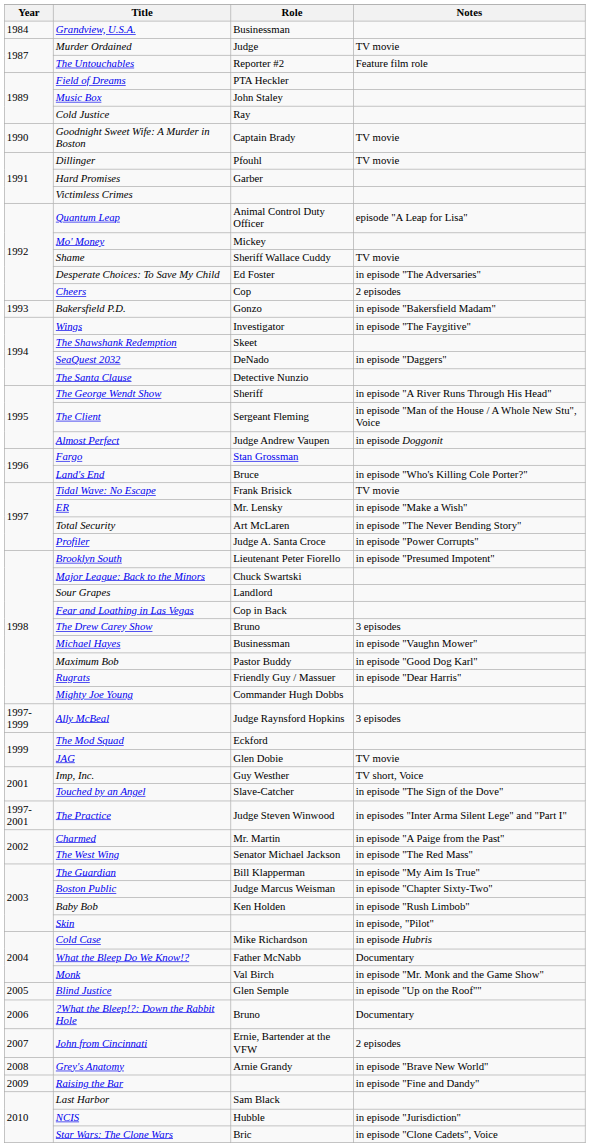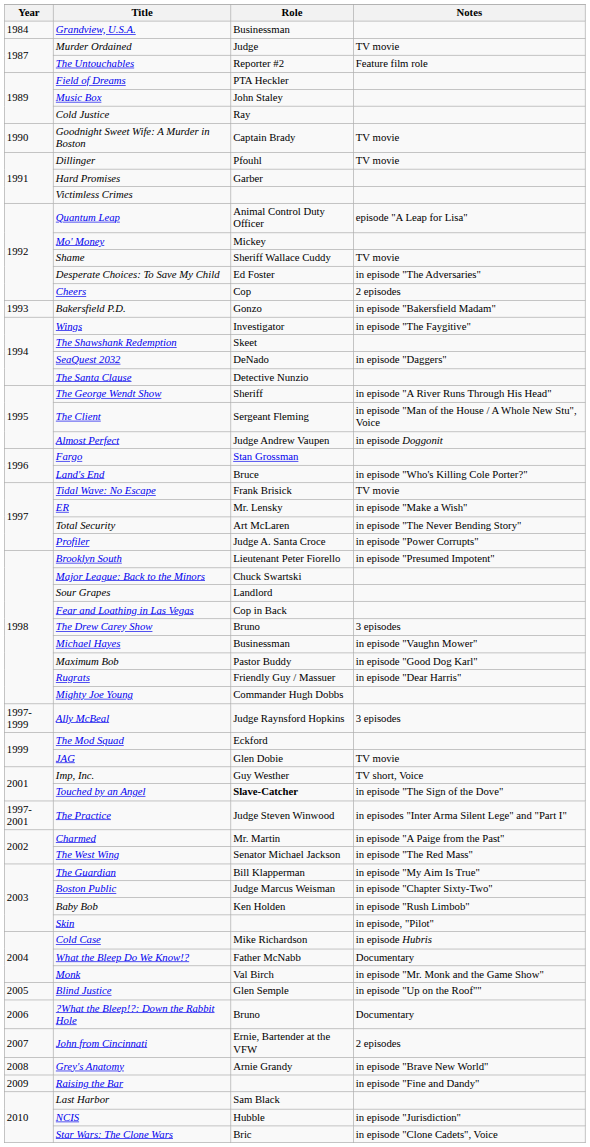 <table class= "wikitable sortable">
 <tr text- style="text-align:center;"|>
 </tr>
 <tr>
 <th>Year</th>
 <th>Title</th>
 <th>Role</th>
 <th>Notes</th>
 </tr>
 <tr>
 <td>1984</td>
 <td><em><a href='#'>Grandview, U.S.A.</a></em></td>
 <td>Businessman</td>
 <td></td>
 </tr>
 <tr>
 <td rowspan=2>1987</td>
 <td><em>Murder Ordained</em></td>
 <td>Judge</td>
 <td>TV movie</td>
 </tr>
 <tr>
 <td><em><a href='#'>The Untouchables</a></em></td>
 <td>Reporter #2</td>
 <td>Feature film role</td>
 </tr>
 <tr>
 <td rowspan=3>1989</td>
 <td><em><a href='#'>Field of Dreams</a></em></td>
 <td>PTA Heckler</td>
 <td></td>
 </tr>
 <tr>
 <td><em><a href='#'>Music Box</a></em></td>
 <td>John Staley</td>
 <td></td>
 </tr>
 <tr>
 <td><em>Cold Justice</em></td>
 <td>Ray</td>
 <td></td>
 </tr>
 <tr>
 <td>1990</td>
 <td><em>Goodnight Sweet Wife: A Murder in Boston</em></td>
 <td>Captain Brady</td>
 <td>TV movie</td>
 </tr>
 <tr>
 <td rowspan=3>1991</td>
 <td><em>Dillinger</em></td>
 <td>Pfouhl</td>
 <td>TV movie</td>
 </tr>
 <tr>
 <td><em>Hard Promises</em></td>
 <td>Garber</td>
 <td></td>
 </tr>
 <tr>
 <td><em>Victimless Crimes</em></td>
 <td></td>
 <td></td>
 </tr>
 <tr>
 <td rowspan=5>1992</td>
 <td><em><a href='#'>Quantum Leap</a></em></td>
 <td>Animal Control Duty Officer</td>
 <td>episode "A Leap for Lisa"</td>
 </tr>
 <tr>
 <td><em><a href='#'>Mo' Money</a></em></td>
 <td>Mickey</td>
 <td></td>
 </tr>
 <tr>
 <td><em>Shame</em></td>
 <td>Sheriff Wallace Cuddy</td>
 <td>TV movie</td>
 </tr>
 <tr>
 <td><em>Desperate Choices: To Save My Child</em></td>
 <td>Ed Foster</td>
 <td>in episode "The Adversaries"</td>
 </tr>
 <tr>
 <td><em><a href='#'>Cheers</a></em></td>
 <td>Cop</td>
 <td>2 episodes</td>
 </tr>
 <tr>
 <td>1993</td>
 <td><em>Bakersfield P.D.</em></td>
 <td>Gonzo</td>
 <td>in episode "Bakersfield Madam"</td>
 </tr>
 <tr>
 <td rowspan=4>1994</td>
 <td><em><a href='#'>Wings</a></em></td>
 <td>Investigator</td>
 <td>in episode "The Faygitive"</td>
 </tr>
 <tr>
 <td><em><a href='#'>The Shawshank Redemption</a></em></td>
 <td>Skeet</td>
 <td></td>
 </tr>
 <tr>
 <td><em><a href='#'>SeaQuest 2032</a></em></td>
 <td>DeNado</td>
 <td>in episode "Daggers"</td>
 </tr>
 <tr>
 <td><em><a href='#'>The Santa Clause</a></em></td>
 <td>Detective Nunzio</td>
 <td></td>
 </tr>
 <tr>
 <td rowspan=3>1995</td>
 <td><em><a href='#'>The George Wendt Show</a></em></td>
 <td>Sheriff</td>
 <td>in episode "A River Runs Through His Head"</td>
 </tr>
 <tr>
 <td><em><a href='#'>The Client</a></em></td>
 <td>Sergeant Fleming</td>
 <td>in episode "Man of the House / A Whole New Stu", Voice</td>
 </tr>
 <tr>
 <td><em><a href='#'>Almost Perfect</a></em></td>
 <td>Judge Andrew Vaupen</td>
 <td>in episode <em>Doggonit</em></td>
 </tr>
 <tr>
 <td rowspan=2>1996</td>
 <td><em><a href='#'>Fargo</a></em></td>
 <td><a href='#'>Stan Grossman</a></td>
 <td></td>
 </tr>
 <tr>
 <td><em><a href='#'>Land's End</a></em></td>
 <td>Bruce</td>
 <td>in episode "Who's Killing Cole Porter?"</td>
 </tr>
 <tr>
 <td rowspan=4>1997</td>
 <td><em><a href='#'>Tidal Wave: No Escape</a></em></td>
 <td>Frank Brisick</td>
 <td>TV movie</td>
 </tr>
 <tr>
 <td><em><a href='#'>ER</a></em></td>
 <td>Mr. Lensky</td>
 <td>in episode "Make a Wish"</td>
 </tr>
 <tr>
 <td><em>Total Security</em></td>
 <td>Art McLaren</td>
 <td>in episode "The Never Bending Story"</td>
 </tr>
 <tr>
 <td><em><a href='#'>Profiler</a></em></td>
 <td>Judge A. Santa Croce</td>
 <td>in episode "Power Corrupts"</td>
 </tr>
 <tr>
 <td rowspan=9>1998</td>
 <td><em><a href='#'>Brooklyn South</a></em></td>
 <td>Lieutenant Peter Fiorello</td>
 <td>in episode "Presumed Impotent"</td>
 </tr>
 <tr>
 <td><em><a href='#'>Major League: Back to the Minors</a></em></td>
 <td>Chuck Swartski</td>
 <td></td>
 </tr>
 <tr>
 <td><em>Sour Grapes</em></td>
 <td>Landlord</td>
 <td></td>
 </tr>
 <tr>
 <td><em><a href='#'>Fear and Loathing in Las Vegas</a></em></td>
 <td>Cop in Back</td>
 <td></td>
 </tr>
 <tr>
 <td><em><a href='#'>The Drew Carey Show</a></em></td>
 <td>Bruno</td>
 <td>3 episodes</td>
 </tr>
 <tr>
 <td><em><a href='#'>Michael Hayes</a></em></td>
 <td>Businessman</td>
 <td>in episode "Vaughn Mower"</td>
 </tr>
 <tr>
 <td><em>Maximum Bob</em></td>
 <td>Pastor Buddy</td>
 <td>in episode "Good Dog Karl"</td>
 </tr>
 <tr>
 <td><em><a href='#'>Rugrats</a></em></td>
 <td>Friendly Guy / Massuer</td>
 <td>in episode "Dear Harris"</td>
 </tr>
 <tr>
 <td><em><a href='#'>Mighty Joe Young</a></em></td>
 <td>Commander Hugh Dobbs</td>
 <td></td>
 </tr>
 <tr>
 <td>1997-1999</td>
 <td><em><a href='#'>Ally McBeal</a></em></td>
 <td>Judge Raynsford Hopkins</td>
 <td>3 episodes</td>
 </tr>
 <tr>
 <td rowspan=2>1999</td>
 <td><em><a href='#'>The Mod Squad</a></em></td>
 <td>Eckford</td>
 <td></td>
 </tr>
 <tr>
 <td><em><a href='#'>JAG</a></em></td>
 <td>Glen Dobie</td>
 <td>TV movie</td>
 </tr>
 <tr>
 <td rowspan=2>2001</td>
 <td><em>Imp, Inc.</em></td>
 <td>Guy Westher</td>
 <td>TV short, Voice</td>
 </tr>
 <tr>
 <td><em><a href='#'>Touched by an Angel</a></em></td>
-<td>Slave-Catcher</td>
+<td><strong>Slave-Catcher</strong></td>
 <td>in episode "The Sign of the Dove"</td>
 </tr>
 <tr>
 <td>1997-2001</td>
 <td><em><a href='#'>The Practice</a></em></td>
 <td>Judge Steven Winwood</td>
 <td>in episodes "Inter Arma Silent Lege" and "Part I"</td>
 </tr>
 <tr>
 <td rowspan=2>2002</td>
 <td><em><a href='#'>Charmed</a></em></td>
 <td>Mr. Martin</td>
 <td>in episode "A Paige from the Past"</td>
 </tr>
 <tr>
 <td><em><a href='#'>The West Wing</a></em></td>
 <td>Senator Michael Jackson</td>
 <td>in episode "The Red Mass"</td>
 </tr>
 <tr>
 <td rowspan=4>2003</td>
 <td><em><a href='#'>The Guardian</a></em></td>
 <td>Bill Klapperman</td>
 <td>in episode "My Aim Is True"</td>
 </tr>
 <tr>
 <td><em><a href='#'>Boston Public</a></em></td>
 <td>Judge Marcus Weisman</td>
 <td>in episode "Chapter Sixty-Two"</td>
 </tr>
 <tr>
 <td><em>Baby Bob</em></td>
 <td>Ken Holden</td>
 <td>in episode "Rush Limbob"</td>
 </tr>
 <tr>
 <td><em><a href='#'>Skin</a></em></td>
 <td></td>
 <td>in episode, "Pilot"</td>
 </tr>
 <tr>
 <td rowspan=3>2004</td>
 <td><em><a href='#'>Cold Case</a></em></td>
 <td>Mike Richardson</td>
 <td>in episode <em>Hubris</em></td>
 </tr>
 <tr>
 <td><em><a href='#'>What the Bleep Do We Know!?</a></em></td>
 <td>Father McNabb</td>
 <td>Documentary</td>
 </tr>
 <tr>
 <td><em><a href='#'>Monk</a></em></td>
 <td>Val Birch</td>
 <td>in episode "Mr. Monk and the Game Show"</td>
 </tr>
 <tr>
 <td>2005</td>
 <td><em><a href='#'>Blind Justice</a></em></td>
 <td>Glen Semple</td>
 <td>in episode "Up on the Roof""</td>
 </tr>
 <tr>
 <td>2006</td>
 <td><em><a href='#'>?What the Bleep!?: Down the Rabbit Hole</a></em></td>
 <td>Bruno</td>
 <td>Documentary</td>
 </tr>
 <tr>
 <td>2007</td>
 <td><em><a href='#'>John from Cincinnati</a></em></td>
 <td>Ernie, Bartender at the VFW</td>
 <td>2 episodes</td>
 </tr>
 <tr>
 <td>2008</td>
 <td><em><a href='#'>Grey's Anatomy</a></em></td>
 <td>Arnie Grandy</td>
 <td>in episode "Brave New World"</td>
 </tr>
 <tr>
 <td>2009</td>
 <td><em><a href='#'>Raising the Bar</a></em></td>
 <td></td>
 <td>in episode "Fine and Dandy"</td>
 </tr>
 <tr>
 <td rowspan=3>2010</td>
 <td><em>Last Harbor</em></td>
 <td>Sam Black</td>
 <td></td>
 </tr>
 <tr>
 <td><em><a href='#'>NCIS</a></em></td>
 <td>Hubble</td>
 <td>in episode "Jurisdiction"</td>
 </tr>
 <tr>
 <td><em><a href='#'>Star Wars: The Clone Wars</a></em></td>
 <td>Bric</td>
 <td>in episode "Clone Cadets", Voice</td>
 </tr>
 </table>
